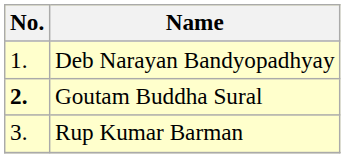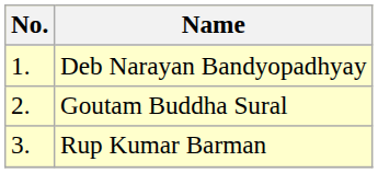 <table class="wikitable mw-collapsible mw-collapsed" style="background:#ffc; color:black">
 <tr>
 <th scope="col">No.</th>
 <th scope="col">Name</th>
 </tr>
 <tr>
 <td>1.</td>
 <td>Deb Narayan Bandyopadhyay</td>
 </tr>
 <tr>
-<td><strong>2.</strong></td>
+<td>2.</td>
 <td>Goutam Buddha Sural</td>
 </tr>
 <tr>
 <td>3.</td>
 <td>Rup Kumar Barman</td>
 </tr>
 <tr>
 </tr>
 </table>
